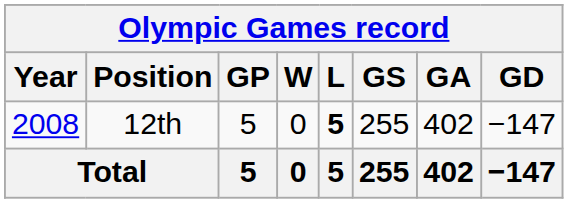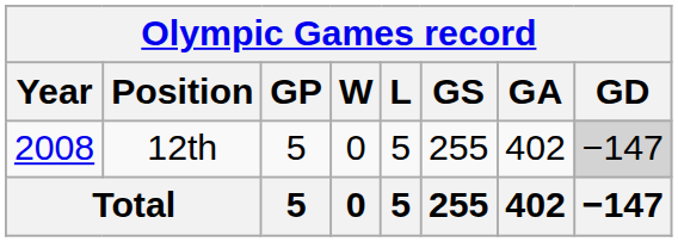 <table class="wikitable" style="text-align: center;">
 <tr>
 <th colspan=8><a href='#'>Olympic Games record</a></th>
 </tr>
 <tr>
 <th>Year</th>
 <th>Position</th>
 <th>GP</th>
 <th>W</th>
 <th>L</th>
 <th>GS</th>
 <th>GA</th>
 <th>GD</th>
 </tr>
 <tr>
 <td> <a href='#'>2008</a></td>
 <td>12th</td>
 <td>5</td>
 <td>0</td>
-<td><strong>5</strong></td>
+<td>5</td>
 <td>255</td>
 <td>402</td>
-<td>−147</td>
+<td style="background: lightgrey;">−147</td>
 </tr>
 <tr>
 <th colspan="2">Total</th>
 <th>5</th>
 <th>0</th>
 <th>5</th>
 <th>255</th>
 <th>402</th>
 <th>−147</th>
 </tr>
 </table>
